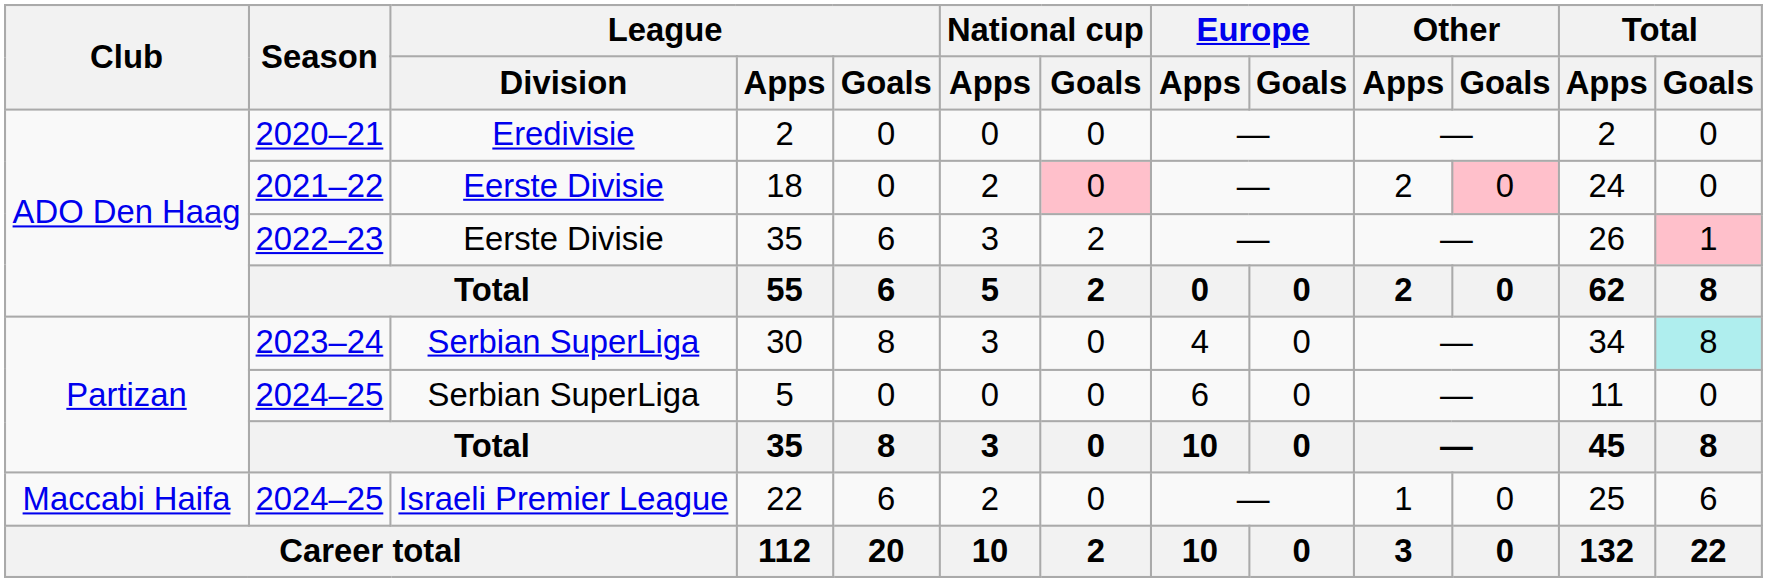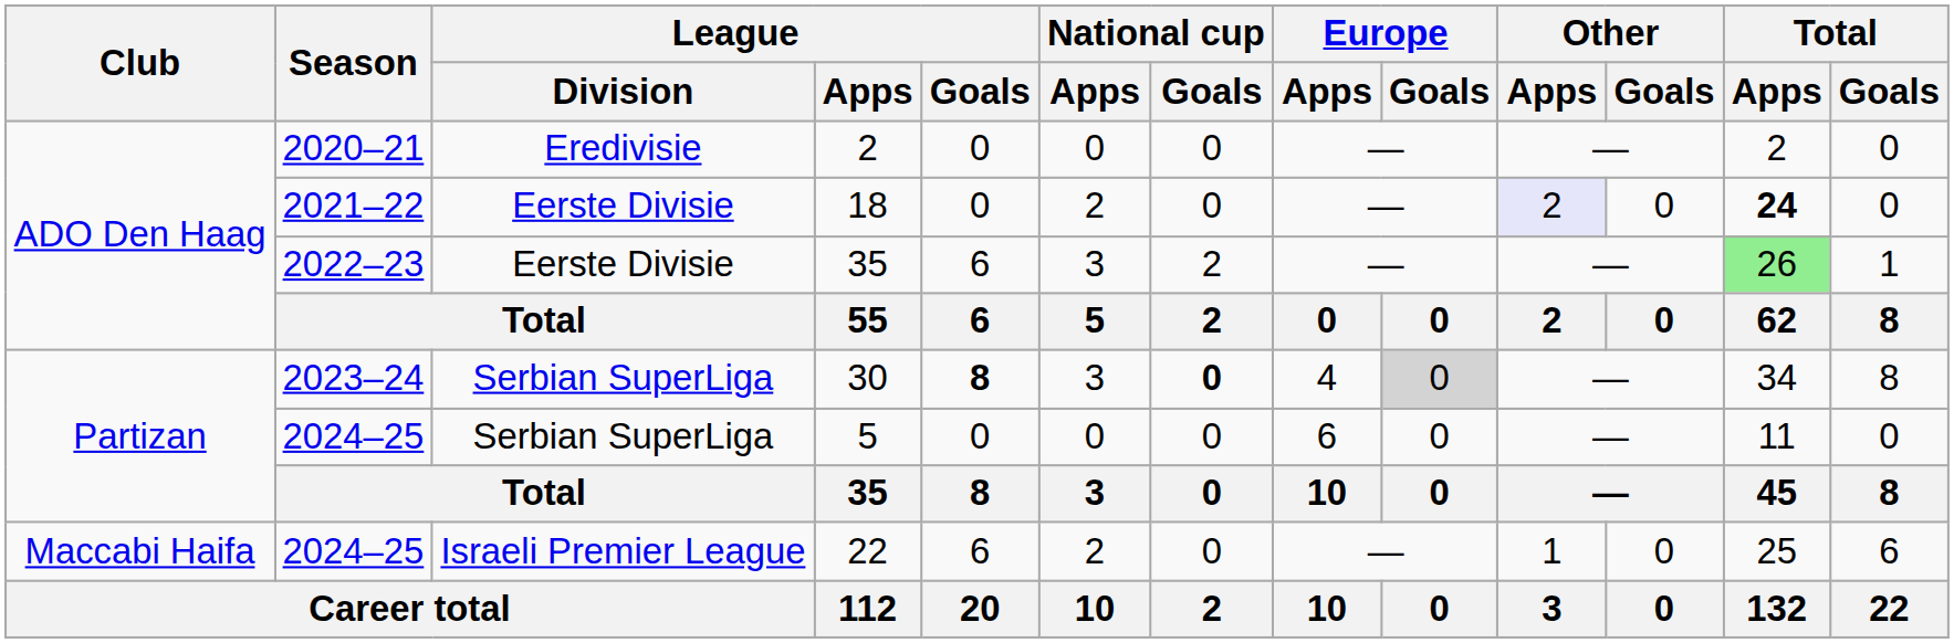 <table class="wikitable" style="text-align:center">
 <tr>
 <th rowspan="2">Club</th>
 <th rowspan="2">Season</th>
 <th colspan="3">League</th>
 <th colspan="2">National cup</th>
 <th colspan="2"><a href='#'>Europe</a></th>
 <th colspan="2">Other</th>
 <th colspan="2">Total</th>
 </tr>
 <tr>
 <th>Division</th>
 <th>Apps</th>
 <th>Goals</th>
 <th>Apps</th>
 <th>Goals</th>
 <th>Apps</th>
 <th>Goals</th>
 <th>Apps</th>
 <th>Goals</th>
 <th>Apps</th>
 <th>Goals</th>
 </tr>
 <tr>
 <td rowspan="4"><a href='#'>ADO Den Haag</a></td>
 <td><a href='#'>2020–21</a></td>
 <td><a href='#'>Eredivisie</a></td>
 <td>2</td>
 <td>0</td>
 <td>0</td>
 <td>0</td>
 <td colspan="2">—</td>
 <td colspan="2">—</td>
 <td>2</td>
 <td>0</td>
 </tr>
 <tr>
 <td><a href='#'>2021–22</a></td>
 <td><a href='#'>Eerste Divisie</a></td>
 <td>18</td>
 <td>0</td>
 <td>2</td>
-<td style="background: pink;">0</td>
+<td>0</td>
 <td colspan="2">—</td>
-<td>2</td>
-<td style="background: pink;">0</td>
-<td>24</td>
+<td style="background: lavender;">2</td>
+<td>0</td>
+<td><strong>24</strong></td>
 <td>0</td>
 </tr>
 <tr>
 <td><a href='#'>2022–23</a></td>
 <td>Eerste Divisie</td>
 <td>35</td>
 <td>6</td>
 <td>3</td>
 <td>2</td>
 <td colspan="2">—</td>
 <td colspan="2">—</td>
-<td>26</td>
-<td style="background: pink;">1</td>
+<td style="background: lightgreen;">26</td>
+<td>1</td>
 </tr>
 <tr>
 <th colspan="2">Total</th>
 <th>55</th>
 <th>6</th>
 <th>5</th>
 <th>2</th>
 <th>0</th>
 <th>0</th>
 <th>2</th>
 <th>0</th>
 <th>62</th>
 <th>8</th>
 </tr>
 <tr>
 <td rowspan="3"><a href='#'>Partizan</a></td>
 <td><a href='#'>2023–24</a></td>
 <td><a href='#'>Serbian SuperLiga</a></td>
 <td>30</td>
-<td>8</td>
+<td><strong>8</strong></td>
 <td>3</td>
-<td>0</td>
+<td><strong>0</strong></td>
 <td>4</td>
-<td>0</td>
+<td style="background: lightgrey;">0</td>
 <td colspan="2">—</td>
 <td>34</td>
-<td style="background: paleturquoise;">8</td>
+<td>8</td>
 </tr>
 <tr>
 <td><a href='#'>2024–25</a></td>
 <td>Serbian SuperLiga</td>
 <td>5</td>
 <td>0</td>
 <td>0</td>
 <td>0</td>
 <td>6</td>
 <td>0</td>
 <td colspan="2">—</td>
 <td>11</td>
 <td>0</td>
 </tr>
 <tr>
 <th colspan="2">Total</th>
 <th>35</th>
 <th>8</th>
 <th>3</th>
 <th>0</th>
 <th>10</th>
 <th>0</th>
 <th colspan="2">—</th>
 <th>45</th>
 <th>8</th>
 </tr>
 <tr>
 <td><a href='#'>Maccabi Haifa</a></td>
 <td><a href='#'>2024–25</a></td>
 <td><a href='#'>Israeli Premier League</a></td>
 <td>22</td>
 <td>6</td>
 <td>2</td>
 <td>0</td>
 <td colspan="2">—</td>
 <td>1</td>
 <td>0</td>
 <td>25</td>
 <td>6</td>
 </tr>
 <tr>
 <th colspan="3">Career total</th>
 <th>112</th>
 <th>20</th>
 <th>10</th>
 <th>2</th>
 <th>10</th>
 <th>0</th>
 <th>3</th>
 <th>0</th>
 <th>132</th>
 <th>22</th>
 </tr>
 </table>
